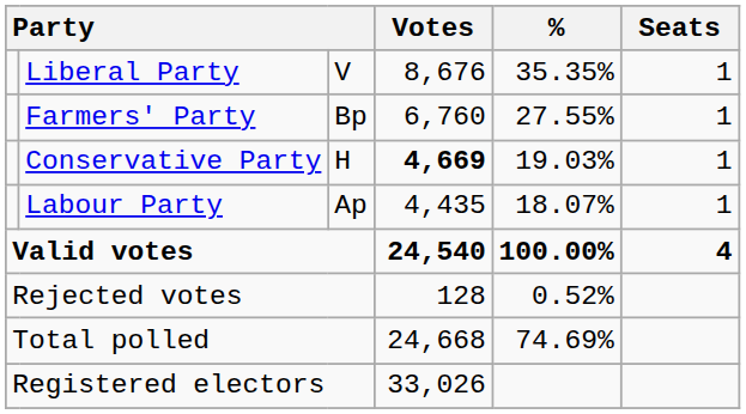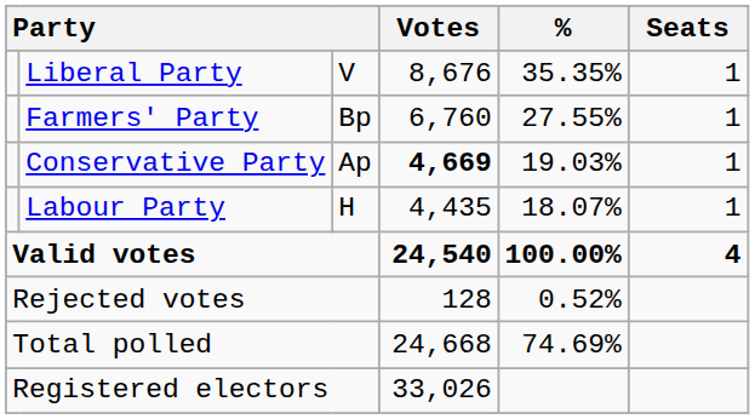 <table class="wikitable" border="1" style="text-align:right;">
 <tr>
 <th style="text-align:left;" colspan=3>Party</th>
 <th align=center width="50">Votes</th>
 <th align=center width="50">%</th>
 <th align=center width="50">Seats</th>
 </tr>
 <tr>
 <td style="color:inherit;background:"></td>
 <td align=left><a href='#'>Liberal Party</a></td>
 <td align=left>V</td>
 <td>8,676</td>
 <td>35.35%</td>
 <td>1</td>
 </tr>
 <tr>
 <td style="color:inherit;background:"></td>
 <td align=left><a href='#'>Farmers' Party</a></td>
 <td align=left>Bp</td>
 <td>6,760</td>
 <td>27.55%</td>
 <td>1</td>
 </tr>
 <tr>
 <td style="color:inherit;background:"></td>
 <td align=left><a href='#'>Conservative Party</a></td>
-<td align=left>H</td>
+<td align=left>Ap</td>
 <td><strong>4,669</strong></td>
 <td>19.03%</td>
 <td>1</td>
 </tr>
 <tr>
 <td style="color:inherit;background:"></td>
 <td align=left><a href='#'>Labour Party</a></td>
-<td align=left>Ap</td>
+<td align=left>H</td>
 <td>4,435</td>
 <td>18.07%</td>
 <td>1</td>
 </tr>
 <tr style="font-weight:bold">
 <td align=left colspan=3>Valid votes</td>
 <td>24,540</td>
 <td>100.00%</td>
 <td>4</td>
 </tr>
 <tr>
 <td align=left colspan=3>Rejected votes</td>
 <td>128</td>
 <td>0.52%</td>
 <td></td>
 </tr>
 <tr>
 <td align=left colspan=3>Total polled</td>
 <td>24,668</td>
 <td>74.69%</td>
 <td></td>
 </tr>
 <tr>
 <td align=left colspan=3>Registered electors</td>
 <td>33,026</td>
 <td></td>
 <td></td>
 </tr>
 </table>
